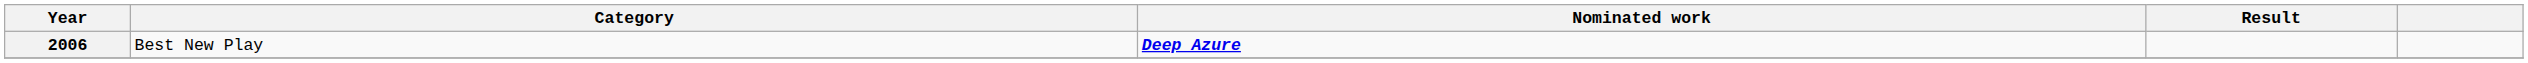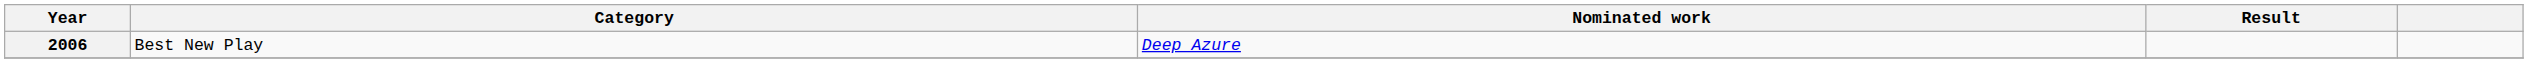 <table class="wikitable plainrowheaders" style="width:100%;">
 <tr>
 <th scope="col" style="width:5%;">Year</th>
 <th scope="col" style="width:40%;">Category</th>
 <th scope="col" style="width:40%;">Nominated work</th>
 <th scope="col" style="width:10%;">Result</th>
 <th scope="col" style="width:5%;"></th>
 </tr>
 <tr>
 <th scope="row" style="text-align:center;">2006</th>
 <td>Best New Play</td>
-<td><strong><em><a href='#'>Deep Azure</a></em></strong></td>
+<td><em><a href='#'>Deep Azure</a></em></td>
 <td></td>
 <td style="text-align:center;"></td>
 </tr>
 <tr>
 </tr>
 </table>
